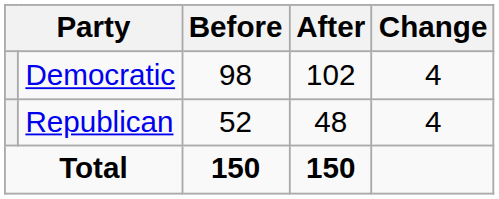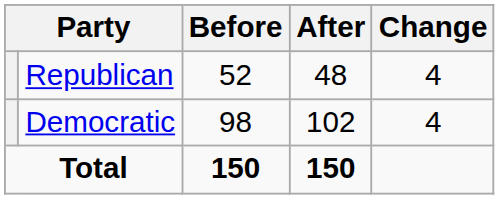 <table class="wikitable" style="text-align:center;">
 <tr>
 <th colspan="2">Party</th>
 <th>Before</th>
 <th>After</th>
 <th>Change</th>
 </tr>
 <tr>
 <th style="background-color:"></th>
-<td style="text-align:left;"><a href='#'>Democratic</a></td>
-<td>98</td>
-<td>102</td>
+<td style="text-align:left;"><a href='#'>Republican</a></td>
+<td>52</td>
+<td>48</td>
 <td> 4</td>
 </tr>
 <tr>
 <th style="background-color:"></th>
-<td style="text-align:left;"><a href='#'>Republican</a></td>
-<td>52</td>
-<td>48</td>
+<td style="text-align:left;"><a href='#'>Democratic</a></td>
+<td>98</td>
+<td>102</td>
 <td> 4</td>
 </tr>
 <tr>
 <td colspan="2"><strong>Total</strong></td>
 <td><strong>150</strong></td>
 <td><strong>150</strong></td>
 <td></td>
 </tr>
 </table>
